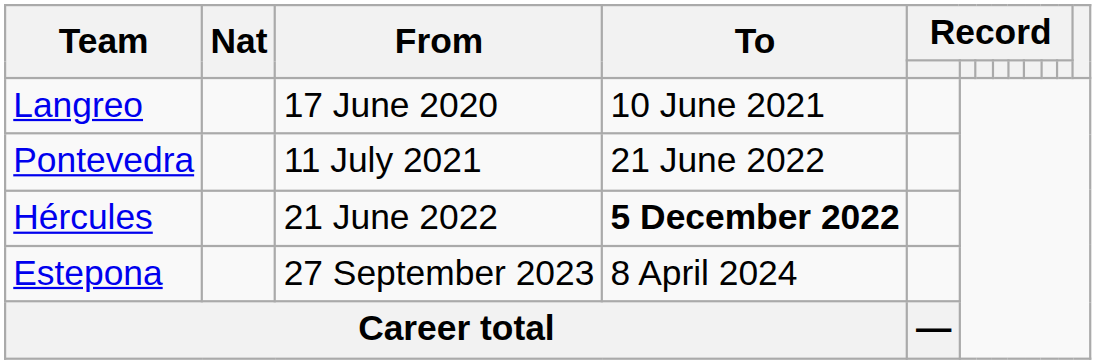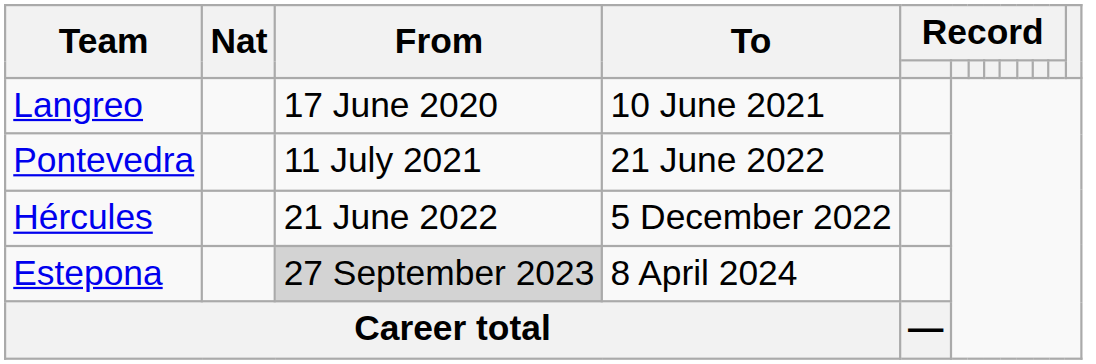 <table class="wikitable" style="text-align: center">
 <tr>
 <th rowspan="2">Team</th>
 <th rowspan="2">Nat</th>
 <th rowspan="2">From</th>
 <th rowspan="2">To</th>
 <th colspan="8">Record</th>
 <th rowspan=2></th>
 </tr>
 <tr>
 <th></th>
 <th></th>
 <th></th>
 <th></th>
 <th></th>
 <th></th>
 <th></th>
 <th></th>
 </tr>
 <tr>
 <td align="left"><a href='#'>Langreo</a></td>
 <td></td>
 <td align=left>17 June 2020</td>
 <td align=left>10 June 2021<br></td>
 <td></td>
 </tr>
 <tr>
 <td align="left"><a href='#'>Pontevedra</a></td>
 <td></td>
 <td align=left>11 July 2021</td>
 <td align=left>21 June 2022<br></td>
 <td></td>
 </tr>
 <tr>
 <td align="left"><a href='#'>Hércules</a></td>
 <td></td>
 <td align=left>21 June 2022</td>
-<td align=left><strong>5 December 2022<br></strong></td>
+<td align=left>5 December 2022<br></td>
 <td></td>
 </tr>
 <tr>
 <td align="left"><a href='#'>Estepona</a></td>
 <td></td>
-<td align=left>27 September 2023</td>
+<td align=left style="background: lightgrey;">27 September 2023</td>
 <td align=left>8 April 2024<br></td>
 <td></td>
 </tr>
 <tr>
 <th colspan=4><strong>Career total</strong><br></th>
 <th>—</th>
 </tr>
 </table>
